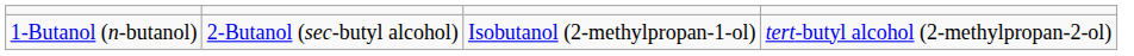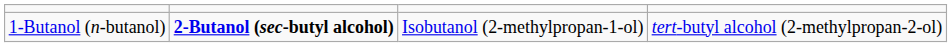 <table class="wikitable skin-invert-image">
 <tr>
 <td></td>
 <td></td>
 <td></td>
 <td></td>
 </tr>
 <tr>
 <td><a href='#'>1-Butanol</a> (<em>n</em>-butanol)</td>
-<td><a href='#'>2-Butanol</a> (<em>sec</em>-butyl alcohol)</td>
+<td><strong><a href='#'>2-Butanol</a> (<em>sec</em>-butyl alcohol)</strong></td>
 <td><a href='#'>Isobutanol</a> (2-methylpropan-1-ol)</td>
 <td><a href='#'><em>tert</em>-butyl alcohol</a> (2-methylpropan-2-ol)</td>
 </tr>
 </table>
